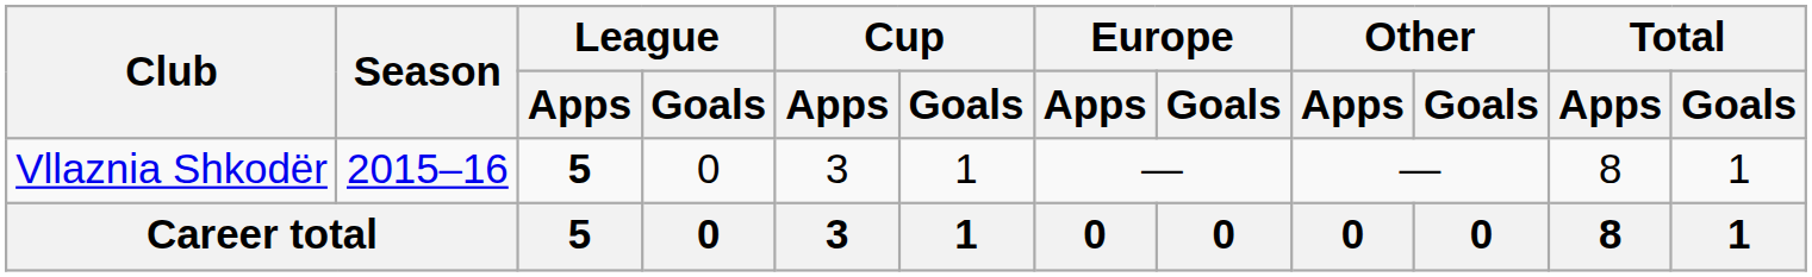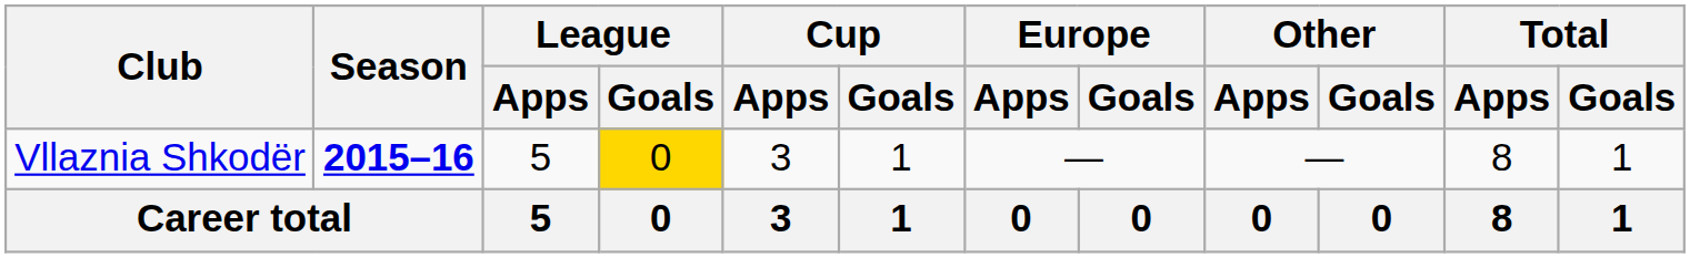 <table class="wikitable" style="text-align: center;">
 <tr>
 <th rowspan="2">Club</th>
 <th rowspan="2">Season</th>
 <th colspan="2">League</th>
 <th colspan="2">Cup</th>
 <th colspan="2">Europe</th>
 <th colspan="2">Other</th>
 <th colspan="2">Total</th>
 </tr>
 <tr>
 <th>Apps</th>
 <th>Goals</th>
 <th>Apps</th>
 <th>Goals</th>
 <th>Apps</th>
 <th>Goals</th>
 <th>Apps</th>
 <th>Goals</th>
 <th>Apps</th>
 <th>Goals</th>
 </tr>
 <tr>
 <td rowspan="1"><a href='#'>Vllaznia Shkodër</a></td>
-<td><a href='#'>2015–16</a></td>
-<td><strong>5</strong></td>
-<td>0</td>
+<td><strong><a href='#'>2015–16</a></strong></td>
+<td>5</td>
+<td style="background: gold;">0</td>
 <td>3</td>
 <td>1</td>
 <td colspan="2">—</td>
 <td colspan="2">—</td>
 <td>8</td>
 <td>1</td>
 </tr>
 <tr>
 <th colspan="2">Career total</th>
 <th>5</th>
 <th>0</th>
 <th>3</th>
 <th>1</th>
 <th>0</th>
 <th>0</th>
 <th>0</th>
 <th>0</th>
 <th>8</th>
 <th>1</th>
 </tr>
 </table>
